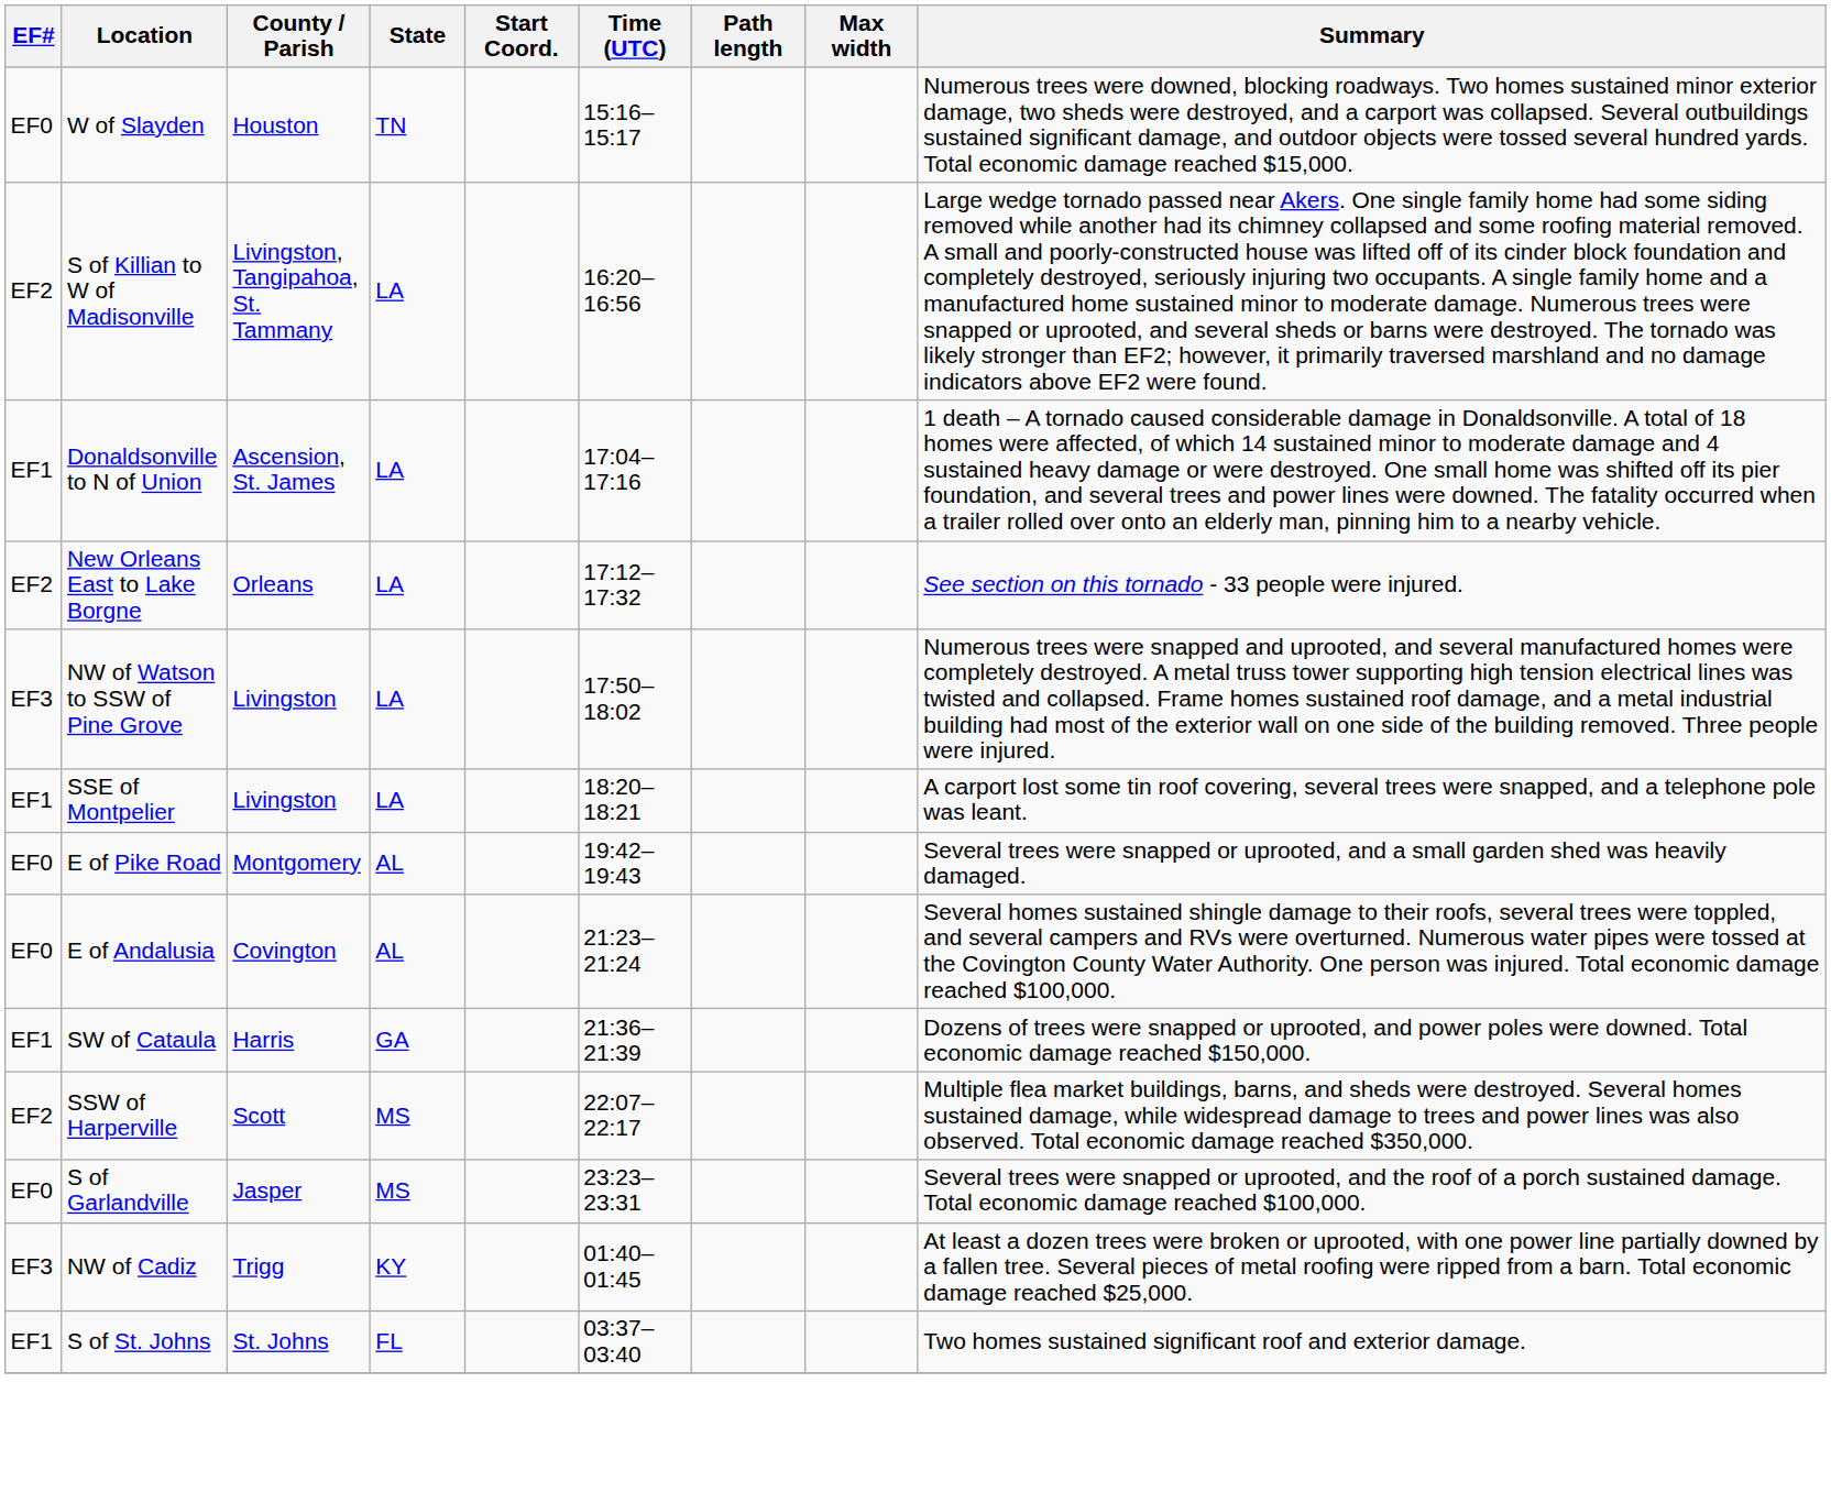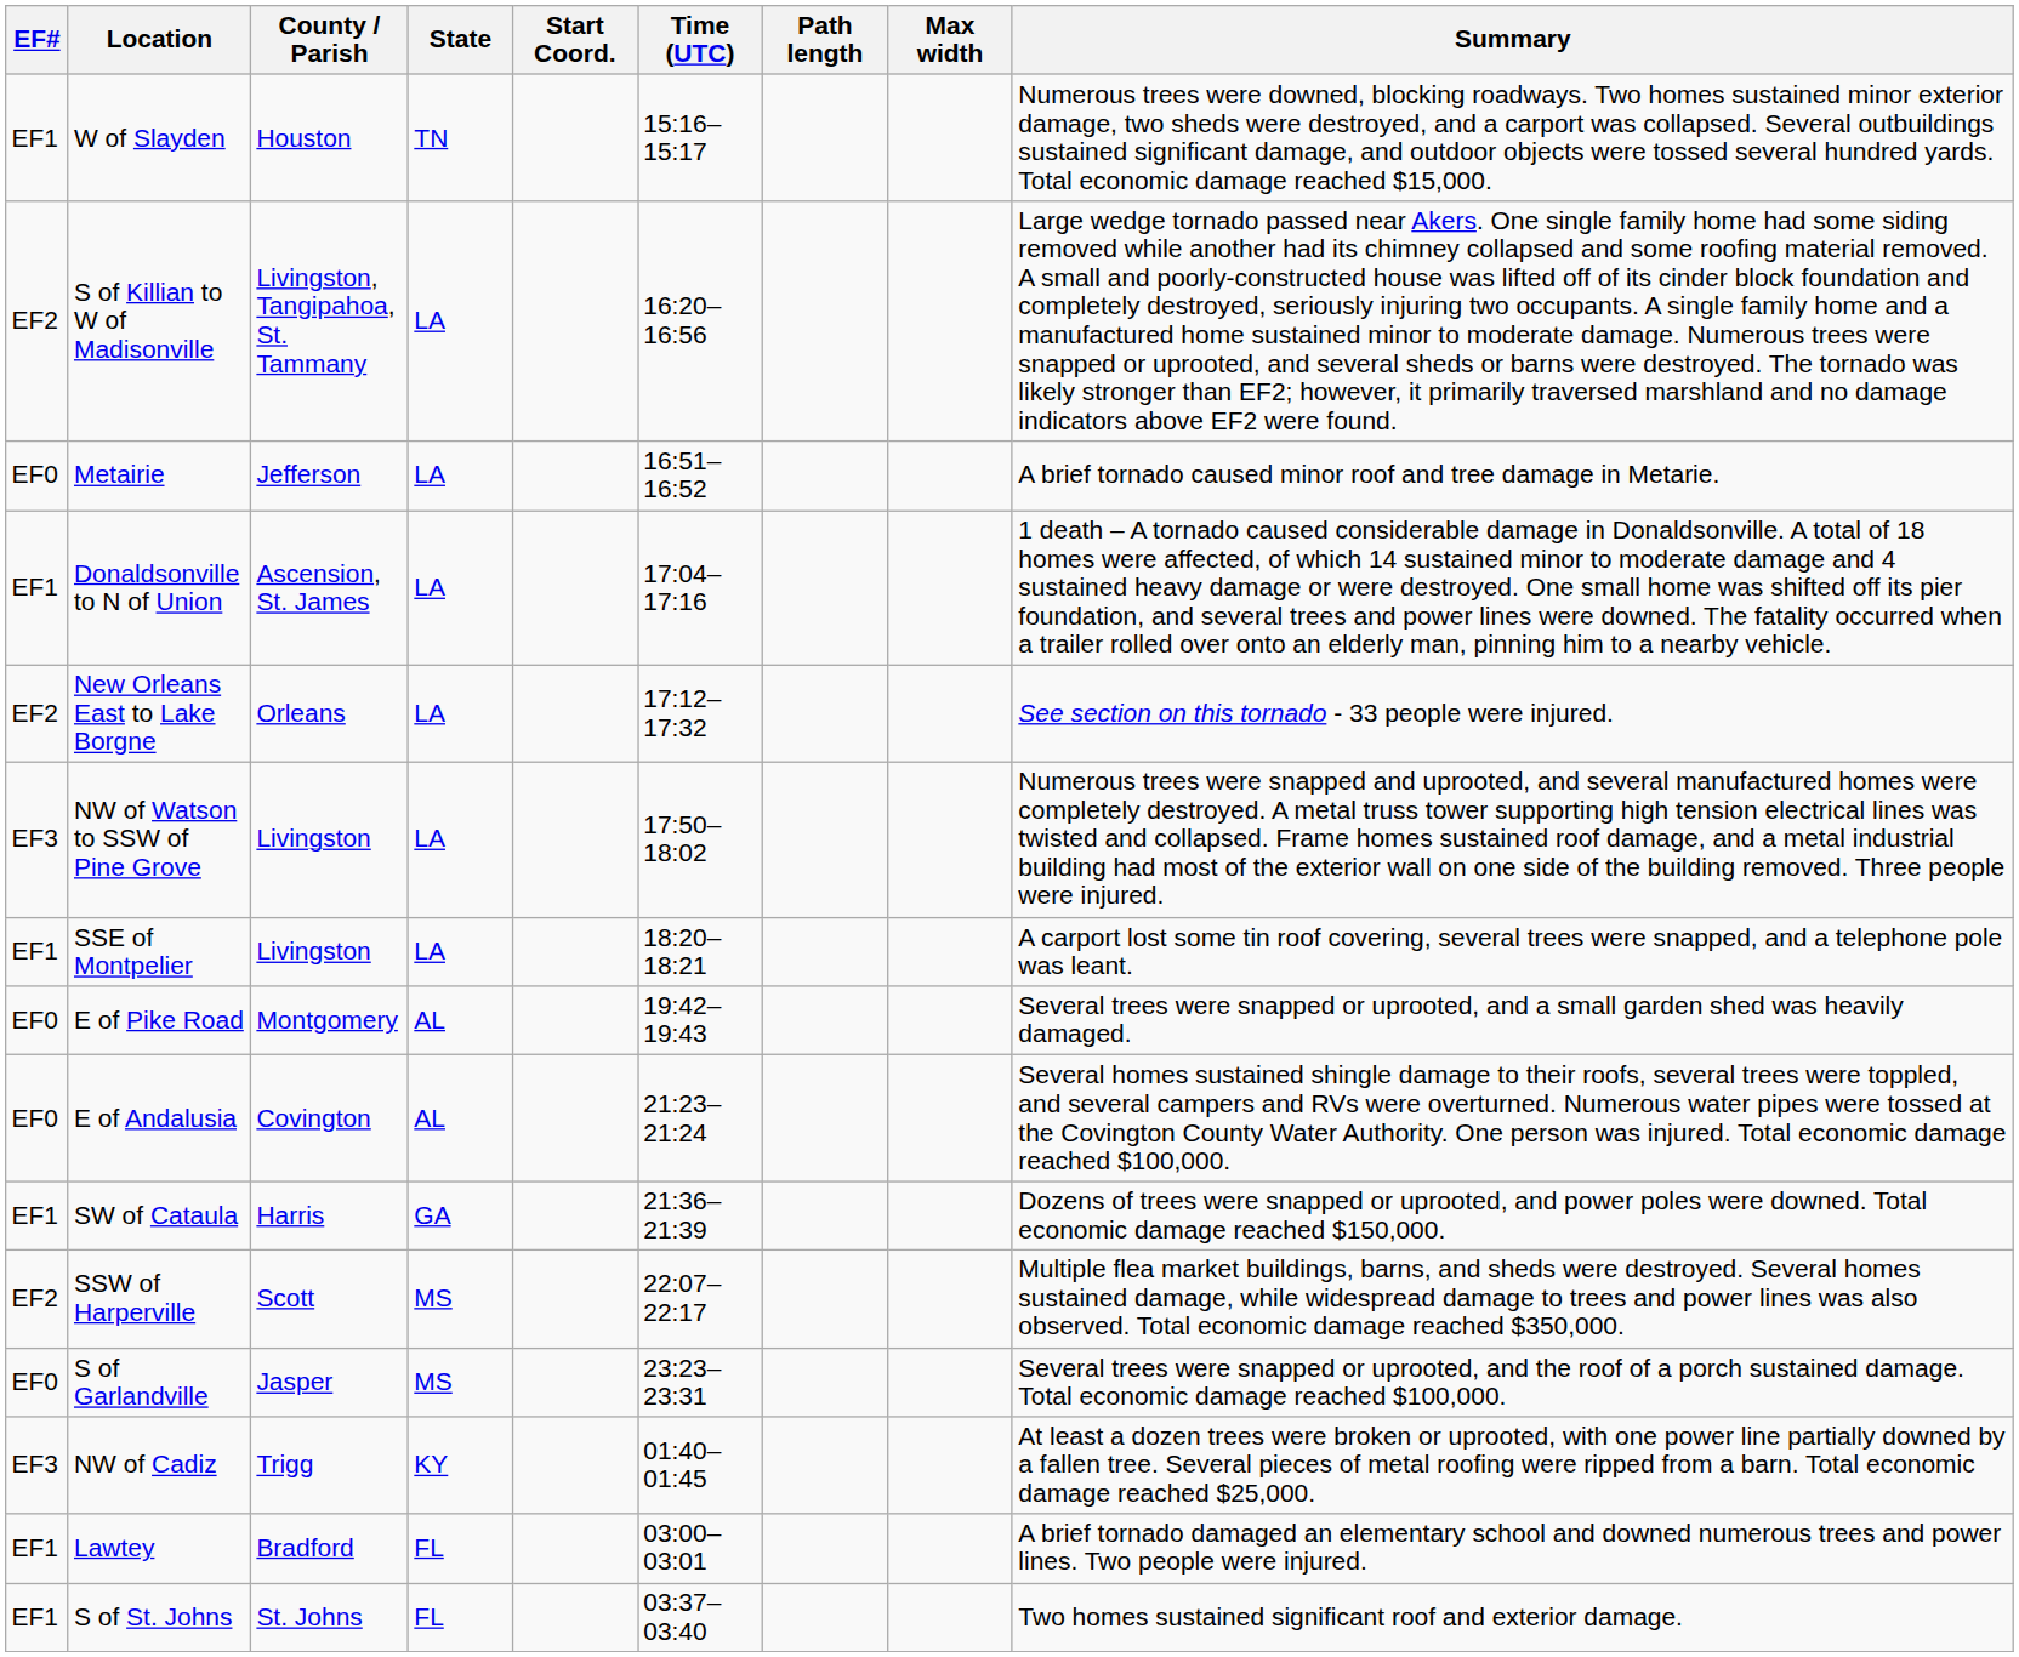 <table class="wikitable sortable" style="width:100%;">
 <tr>
 <th scope="col" style="width:3%; text-align:center;"><a href='#'>EF#</a></th>
 <th scope="col" style="width:7%; text-align:center;" class="unsortable">Location</th>
 <th scope="col" style="width:6%; text-align:center;" class="unsortable">County / Parish</th>
 <th scope="col" style="width:5%; text-align:center;">State</th>
 <th scope="col" style="width:6%; text-align:center;">Start Coord.</th>
 <th scope="col" style="width:6%; text-align:center;">Time (<a href='#'>UTC</a>)</th>
 <th scope="col" style="width:6%; text-align:center;">Path length</th>
 <th scope="col" style="width:6%; text-align:center;">Max width</th>
 <th scope="col" class="unsortable" style="width:48%; text-align:center;">Summary</th>
 </tr>
 <tr>
-<td>EF0</td>
+<td>EF1</td>
 <td>W of <a href='#'>Slayden</a></td>
 <td><a href='#'>Houston</a></td>
 <td><a href='#'>TN</a></td>
 <td></td>
 <td>15:16–15:17</td>
 <td></td>
 <td></td>
 <td>Numerous trees were downed, blocking roadways. Two homes sustained minor exterior damage, two sheds were destroyed, and a carport was collapsed. Several outbuildings sustained significant damage, and outdoor objects were tossed several hundred yards. Total economic damage reached $15,000.</td>
 </tr>
 <tr>
 <td>EF2</td>
 <td>S of <a href='#'>Killian</a> to W of <a href='#'>Madisonville</a></td>
 <td><a href='#'>Livingston</a>, <a href='#'>Tangipahoa</a>, <a href='#'>St. Tammany</a></td>
 <td><a href='#'>LA</a></td>
 <td></td>
 <td>16:20–16:56</td>
 <td></td>
 <td></td>
 <td>Large wedge tornado passed near <a href='#'>Akers</a>. One single family home had some siding removed while another had its chimney collapsed and some roofing material removed. A small and poorly-constructed house was lifted off of its cinder block foundation and completely destroyed, seriously injuring two occupants. A single family home and a manufactured home sustained minor to moderate damage. Numerous trees were snapped or uprooted, and several sheds or barns were destroyed. The tornado was likely stronger than EF2; however, it primarily traversed marshland and no damage indicators above EF2 were found.</td>
+</tr>
+<tr>
+<td>EF0</td>
+<td><a href='#'>Metairie</a></td>
+<td><a href='#'>Jefferson</a></td>
+<td><a href='#'>LA</a></td>
+<td></td>
+<td>16:51–16:52</td>
+<td></td>
+<td></td>
+<td>A brief tornado caused minor roof and tree damage in Metarie.</td>
 </tr>
 <tr>
 <td>EF1</td>
 <td><a href='#'>Donaldsonville</a> to N of <a href='#'>Union</a></td>
 <td><a href='#'>Ascension</a>, <a href='#'>St. James</a></td>
 <td><a href='#'>LA</a></td>
 <td></td>
 <td>17:04–17:16</td>
 <td></td>
 <td></td>
 <td>1 death – A tornado caused considerable damage in Donaldsonville. A total of 18 homes were affected, of which 14 sustained minor to moderate damage and 4 sustained heavy damage or were destroyed. One small home was shifted off its pier foundation, and several trees and power lines were downed. The fatality occurred when a trailer rolled over onto an elderly man, pinning him to a nearby vehicle.</td>
 </tr>
 <tr>
 <td>EF2</td>
 <td><a href='#'>New Orleans East</a> to <a href='#'>Lake Borgne</a></td>
 <td><a href='#'>Orleans</a></td>
 <td><a href='#'>LA</a></td>
 <td></td>
 <td>17:12–17:32</td>
 <td></td>
 <td></td>
 <td><em><a href='#'>See section on this tornado</a></em> - 33 people were injured.</td>
 </tr>
 <tr>
 <td>EF3</td>
 <td>NW of <a href='#'>Watson</a> to SSW of <a href='#'>Pine Grove</a></td>
 <td><a href='#'>Livingston</a></td>
 <td><a href='#'>LA</a></td>
 <td></td>
 <td>17:50–18:02</td>
 <td></td>
 <td></td>
 <td>Numerous trees were snapped and uprooted, and several manufactured homes were completely destroyed. A metal truss tower supporting high tension electrical lines was twisted and collapsed. Frame homes sustained roof damage, and a metal industrial building had most of the exterior wall on one side of the building removed. Three people were injured.</td>
 </tr>
 <tr>
 <td>EF1</td>
 <td>SSE of <a href='#'>Montpelier</a></td>
 <td><a href='#'>Livingston</a></td>
 <td><a href='#'>LA</a></td>
 <td></td>
 <td>18:20–18:21</td>
 <td></td>
 <td></td>
 <td>A carport lost some tin roof covering, several trees were snapped, and a telephone pole was leant.</td>
 </tr>
 <tr>
 <td>EF0</td>
 <td>E of <a href='#'>Pike Road</a></td>
 <td><a href='#'>Montgomery</a></td>
 <td><a href='#'>AL</a></td>
 <td></td>
 <td>19:42–19:43</td>
 <td></td>
 <td></td>
 <td>Several trees were snapped or uprooted, and a small garden shed was heavily damaged.</td>
 </tr>
 <tr>
 <td>EF0</td>
 <td>E of <a href='#'>Andalusia</a></td>
 <td><a href='#'>Covington</a></td>
 <td><a href='#'>AL</a></td>
 <td></td>
 <td>21:23–21:24</td>
 <td></td>
 <td></td>
 <td>Several homes sustained shingle damage to their roofs, several trees were toppled, and several campers and RVs were overturned. Numerous water pipes were tossed at the Covington County Water Authority. One person was injured. Total economic damage reached $100,000.</td>
 </tr>
 <tr>
 <td>EF1</td>
 <td>SW of <a href='#'>Cataula</a></td>
 <td><a href='#'>Harris</a></td>
 <td><a href='#'>GA</a></td>
 <td></td>
 <td>21:36–21:39</td>
 <td></td>
 <td></td>
 <td>Dozens of trees were snapped or uprooted, and power poles were downed. Total economic damage reached $150,000.</td>
 </tr>
 <tr>
 <td>EF2</td>
 <td>SSW of <a href='#'>Harperville</a></td>
 <td><a href='#'>Scott</a></td>
 <td><a href='#'>MS</a></td>
 <td></td>
 <td>22:07–22:17</td>
 <td></td>
 <td></td>
 <td>Multiple flea market buildings, barns, and sheds were destroyed. Several homes sustained damage, while widespread damage to trees and power lines was also observed. Total economic damage reached $350,000.</td>
 </tr>
 <tr>
 <td>EF0</td>
 <td>S of <a href='#'>Garlandville</a></td>
 <td><a href='#'>Jasper</a></td>
 <td><a href='#'>MS</a></td>
 <td></td>
 <td>23:23–23:31</td>
 <td></td>
 <td></td>
 <td>Several trees were snapped or uprooted, and the roof of a porch sustained damage. Total economic damage reached $100,000.</td>
 </tr>
 <tr>
 <td>EF3</td>
 <td>NW of <a href='#'>Cadiz</a></td>
 <td><a href='#'>Trigg</a></td>
 <td><a href='#'>KY</a></td>
 <td></td>
 <td>01:40–01:45</td>
 <td></td>
 <td></td>
 <td>At least a dozen trees were broken or uprooted, with one power line partially downed by a fallen tree. Several pieces of metal roofing were ripped from a barn. Total economic damage reached $25,000.</td>
 </tr>
 <tr>
 <td>EF1</td>
+<td><a href='#'>Lawtey</a></td>
+<td><a href='#'>Bradford</a></td>
+<td><a href='#'>FL</a></td>
+<td></td>
+<td>03:00–03:01</td>
+<td></td>
+<td></td>
+<td>A brief tornado damaged an elementary school and downed numerous trees and power lines. Two people were injured.</td>
+</tr>
+<tr>
+<td>EF1</td>
 <td>S of <a href='#'>St. Johns</a></td>
 <td><a href='#'>St. Johns</a></td>
 <td><a href='#'>FL</a></td>
 <td></td>
 <td>03:37–03:40</td>
 <td></td>
 <td></td>
 <td>Two homes sustained significant roof and exterior damage.</td>
 </tr>
 <tr>
 </tr>
 </table>
